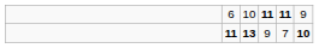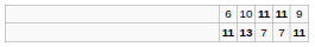 <table class="wikitable">
 <tr>
 <td style="width:18em"></td>
 <td align=center style="width:1em">6</td>
 <td align=center style="width:1em">10</td>
 <td align=center style="width:1em"><strong>11</strong></td>
 <td align=center style="width:1em"><strong>11</strong></td>
 <td align=center style="width:1em">9</td>
 </tr>
 <tr>
 <td style="width:18em"></td>
 <td align=center style="width:1em"><strong>11</strong></td>
 <td align=center style="width:1em"><strong>13</strong></td>
-<td align=center style="width:1em">9</td>
 <td align=center style="width:1em">7</td>
-<td align=center style="width:1em"><strong>10</strong></td>
+<td align=center style="width:1em">7</td>
+<td align=center style="width:1em"><strong>11</strong></td>
 </tr>
 </table>
